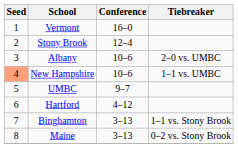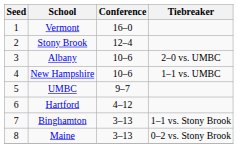 <table class="wikitable" style="text-align:center">
 <tr>
 <th>Seed</th>
 <th>School</th>
 <th>Conference</th>
 <th>Tiebreaker</th>
 </tr>
 <tr>
 <td>1</td>
 <td><a href='#'>Vermont</a></td>
 <td>16–0</td>
 <td></td>
 </tr>
 <tr>
 <td>2</td>
 <td><a href='#'>Stony Brook</a></td>
 <td>12–4</td>
 <td></td>
 </tr>
 <tr>
 <td>3</td>
 <td><a href='#'>Albany</a></td>
 <td>10–6</td>
 <td>2–0 vs. UMBC</td>
 </tr>
 <tr>
-<td style="background: lightsalmon;">4</td>
+<td>4</td>
 <td><a href='#'>New Hampshire</a></td>
 <td>10–6</td>
 <td>1–1 vs. UMBC</td>
 </tr>
 <tr>
 <td>5</td>
 <td><a href='#'>UMBC</a></td>
 <td>9–7</td>
 <td></td>
 </tr>
 <tr>
 <td>6</td>
 <td><a href='#'>Hartford</a></td>
 <td>4–12</td>
 <td></td>
 </tr>
 <tr>
 <td>7</td>
 <td><a href='#'>Binghamton</a></td>
 <td>3–13</td>
 <td>1–1 vs. Stony Brook</td>
 </tr>
 <tr>
 <td>8</td>
 <td><a href='#'>Maine</a></td>
 <td>3–13</td>
 <td>0–2 vs. Stony Brook</td>
 </tr>
 <tr>
 </tr>
 </table>
